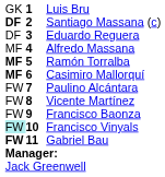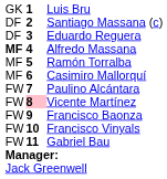 <table style="font-size:90%; margin:0.2em auto;" cellspacing="0" cellpadding="0">
 <tr>
 <th width="25"></th>
 <th width="25"></th>
 </tr>
 <tr>
 <td>GK</td>
 <td><strong>1</strong></td>
 <td> <a href='#'>Luis Bru</a></td>
 </tr>
 <tr>
-<td><strong>DF</strong></td>
+<td>DF</td>
 <td><strong>2</strong></td>
 <td> <a href='#'>Santiago Massana</a> (<a href='#'>c</a>)</td>
 </tr>
 <tr>
 <td>DF</td>
 <td><strong>3</strong></td>
 <td> <a href='#'>Eduardo Reguera</a></td>
 </tr>
 <tr>
-<td>MF</td>
+<td><strong>MF</strong></td>
 <td><strong>4</strong></td>
 <td> <a href='#'>Alfredo Massana</a></td>
 </tr>
 <tr>
-<td><strong>MF</strong></td>
+<td>MF</td>
 <td><strong>5</strong></td>
 <td> <a href='#'>Ramón Torralba</a></td>
 </tr>
 <tr>
-<td><strong>MF</strong></td>
+<td>MF</td>
 <td><strong>6</strong></td>
 <td> <a href='#'>Casimiro Mallorquí</a></td>
 </tr>
 <tr>
 <td>FW</td>
 <td><strong>7</strong></td>
 <td> <a href='#'>Paulino Alcántara</a></td>
 </tr>
 <tr>
 <td>FW</td>
-<td><strong>8</strong></td>
+<td style="background: pink;"><strong>8</strong></td>
 <td> <a href='#'>Vicente Martínez</a></td>
 </tr>
 <tr>
 <td>FW</td>
 <td><strong>9</strong></td>
 <td> <a href='#'>Francisco Baonza</a></td>
 </tr>
 <tr>
-<td style="background: paleturquoise;">FW</td>
+<td>FW</td>
 <td><strong>10</strong></td>
 <td> <a href='#'>Francisco Vinyals</a></td>
 </tr>
 <tr>
-<td><strong>FW</strong></td>
+<td>FW</td>
 <td><strong>11</strong></td>
 <td> <a href='#'>Gabriel Bau</a></td>
 </tr>
 <tr>
 <td colspan=3><strong>Manager:</strong></td>
 </tr>
 <tr>
 <td colspan=4><a href='#'>Jack Greenwell</a></td>
 </tr>
 </table>
